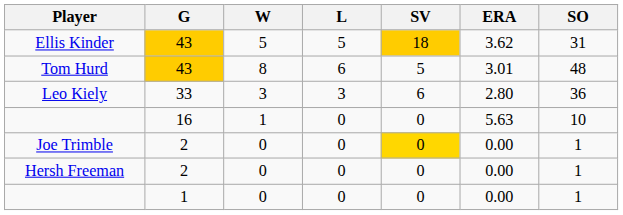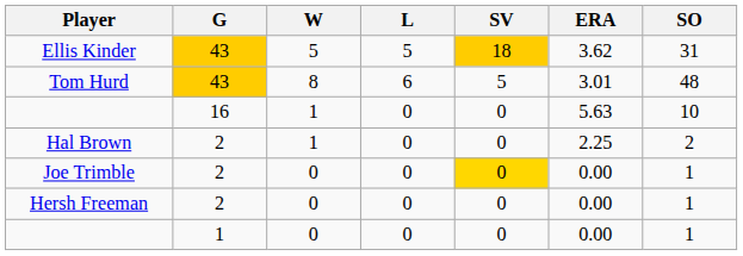 <table class="wikitable sortable">
 <tr>
 <th bgcolor="#DDDDFF" width="16%">Player</th>
 <th bgcolor="#DDDDFF" width="9%">G</th>
 <th bgcolor="#DDDDFF" width="9%">W</th>
 <th bgcolor="#DDDDFF" width="9%">L</th>
 <th bgcolor="#DDDDFF" width="9%">SV</th>
 <th bgcolor="#DDDDFF" width="9%">ERA</th>
 <th bgcolor="#DDDDFF" width="9%">SO</th>
 </tr>
 <tr align="center">
 <td><a href='#'>Ellis Kinder</a></td>
 <td style="background:#fc0;">43</td>
 <td>5</td>
 <td>5</td>
 <td style="background:#fc0;">18</td>
 <td>3.62</td>
 <td>31</td>
 </tr>
 <tr align="center">
 <td><a href='#'>Tom Hurd</a></td>
 <td style="background:#fc0;">43</td>
 <td>8</td>
 <td>6</td>
 <td>5</td>
 <td>3.01</td>
 <td>48</td>
 </tr>
 <tr align="center">
-<td><a href='#'>Leo Kiely</a></td>
-<td>33</td>
-<td>3</td>
-<td>3</td>
-<td>6</td>
-<td>2.80</td>
-<td>36</td>
-</tr>
-<tr align="center">
 <td></td>
 <td>16</td>
 <td>1</td>
 <td>0</td>
 <td>0</td>
 <td>5.63</td>
 <td>10</td>
+</tr>
+<tr align="center">
+<td><a href='#'>Hal Brown</a></td>
+<td>2</td>
+<td>1</td>
+<td>0</td>
+<td>0</td>
+<td>2.25</td>
+<td>2</td>
 </tr>
 <tr align="center">
 <td><a href='#'>Joe Trimble</a></td>
 <td>2</td>
 <td>0</td>
 <td>0</td>
 <td style="background: gold;">0</td>
 <td>0.00</td>
 <td>1</td>
 </tr>
 <tr align="center">
 <td><a href='#'>Hersh Freeman</a></td>
 <td>2</td>
 <td>0</td>
 <td>0</td>
 <td>0</td>
 <td>0.00</td>
 <td>1</td>
 </tr>
 <tr align="center">
 <td></td>
 <td>1</td>
 <td>0</td>
 <td>0</td>
 <td>0</td>
 <td>0.00</td>
 <td>1</td>
 </tr>
 </table>
